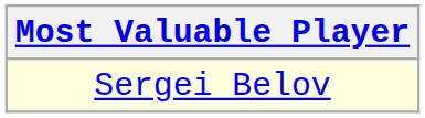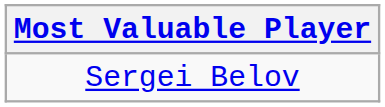 <table class=wikitable style="text-align:center; margin:auto">
 <tr>
 <th><a href='#'>Most Valuable Player</a></th>
 </tr>
 <tr>
-<td style="background: lightyellow;"> <a href='#'>Sergei Belov</a></td>
+<td> <a href='#'>Sergei Belov</a></td>
 </tr>
 </table>
